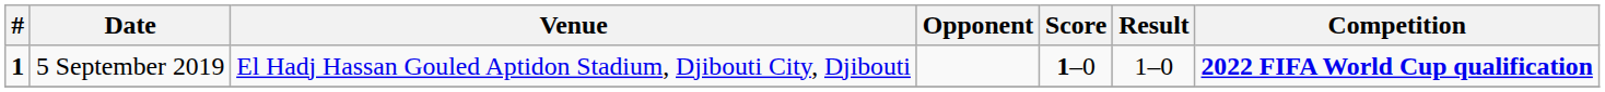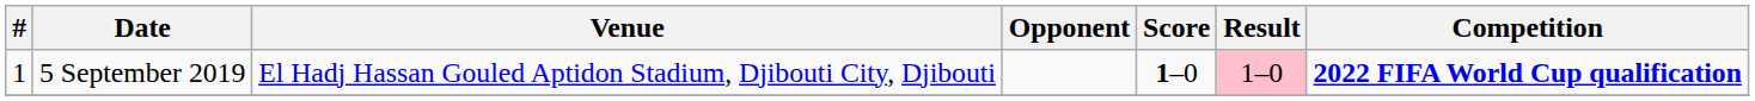 <table class="wikitable">
 <tr>
 <th>#</th>
 <th>Date</th>
 <th>Venue</th>
 <th>Opponent</th>
 <th>Score</th>
 <th>Result</th>
 <th>Competition</th>
 </tr>
 <tr>
-<td><strong>1</strong></td>
+<td>1</td>
 <td>5 September 2019</td>
 <td><a href='#'>El Hadj Hassan Gouled Aptidon Stadium</a>, <a href='#'>Djibouti City</a>, <a href='#'>Djibouti</a></td>
 <td></td>
 <td align=center><strong>1</strong>–0</td>
-<td align=center>1–0</td>
+<td align=center style="background: pink;">1–0</td>
 <td><strong><a href='#'>2022 FIFA World Cup qualification</a></strong></td>
 </tr>
 <tr>
 </tr>
 </table>
